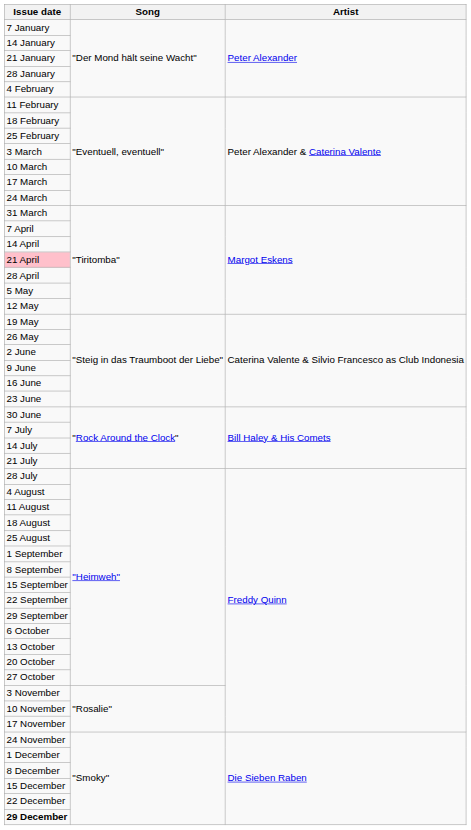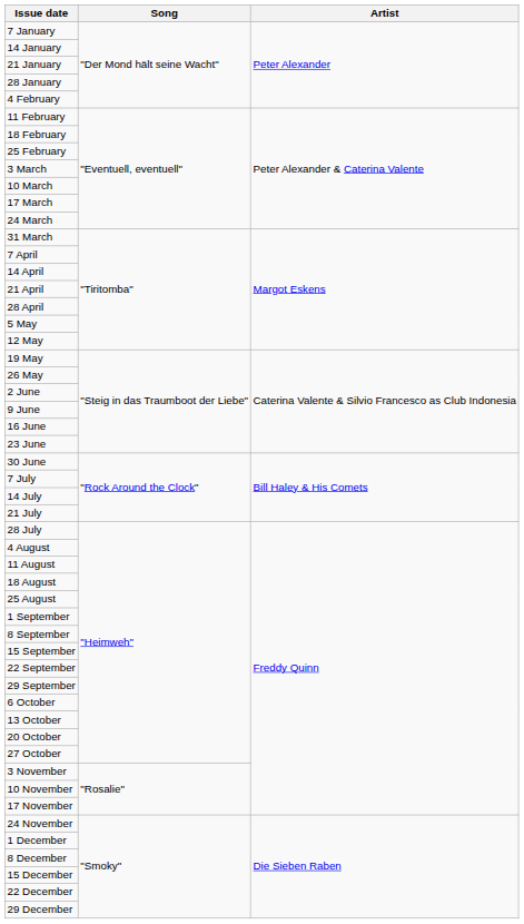 <table class="sortable wikitable">
 <tr>
 <th>Issue date</th>
 <th>Song</th>
 <th>Artist</th>
 </tr>
 <tr>
 <td>7 January</td>
 <td rowspan="5">"Der Mond hält seine Wacht"</td>
 <td rowspan="5"><a href='#'>Peter Alexander</a></td>
 </tr>
 <tr>
 <td>14 January</td>
 </tr>
 <tr>
 <td>21 January</td>
 </tr>
 <tr>
 <td>28 January</td>
 </tr>
 <tr>
 <td>4 February</td>
 </tr>
 <tr>
 <td>11 February</td>
 <td rowspan="7">"Eventuell, eventuell"</td>
 <td rowspan="7">Peter Alexander & <a href='#'>Caterina Valente</a></td>
 </tr>
 <tr>
 <td>18 February</td>
 </tr>
 <tr>
 <td>25 February</td>
 </tr>
 <tr>
 <td>3 March</td>
 </tr>
 <tr>
 <td>10 March</td>
 </tr>
 <tr>
 <td>17 March</td>
 </tr>
 <tr>
 <td>24 March</td>
 </tr>
 <tr>
 <td>31 March</td>
 <td rowspan="7">"Tiritomba"</td>
 <td rowspan="7"><a href='#'>Margot Eskens</a></td>
 </tr>
 <tr>
 <td>7 April</td>
 </tr>
 <tr>
 <td>14 April</td>
 </tr>
 <tr>
-<td style="background: pink;">21 April</td>
+<td>21 April</td>
 </tr>
 <tr>
 <td>28 April</td>
 </tr>
 <tr>
 <td>5 May</td>
 </tr>
 <tr>
 <td>12 May</td>
 </tr>
 <tr>
 <td>19 May</td>
 <td rowspan="6">"Steig in das Traumboot der Liebe"</td>
 <td rowspan="6">Caterina Valente & Silvio Francesco as Club Indonesia</td>
 </tr>
 <tr>
 <td>26 May</td>
 </tr>
 <tr>
 <td>2 June</td>
 </tr>
 <tr>
 <td>9 June</td>
 </tr>
 <tr>
 <td>16 June</td>
 </tr>
 <tr>
 <td>23 June</td>
 </tr>
 <tr>
 <td>30 June</td>
 <td rowspan="4">"<a href='#'>Rock Around the Clock</a>"</td>
 <td rowspan="4"><a href='#'>Bill Haley & His Comets</a></td>
 </tr>
 <tr>
 <td>7 July</td>
 </tr>
 <tr>
 <td>14 July</td>
 </tr>
 <tr>
 <td>21 July</td>
 </tr>
 <tr>
 <td>28 July</td>
 <td rowspan="14"><a href='#'>"Heimweh"</a></td>
 <td rowspan="17"><a href='#'>Freddy Quinn</a></td>
 </tr>
 <tr>
 <td>4 August</td>
 </tr>
 <tr>
 <td>11 August</td>
 </tr>
 <tr>
 <td>18 August</td>
 </tr>
 <tr>
 <td>25 August</td>
 </tr>
 <tr>
 <td>1 September</td>
 </tr>
 <tr>
 <td>8 September</td>
 </tr>
 <tr>
 <td>15 September</td>
 </tr>
 <tr>
 <td>22 September</td>
 </tr>
 <tr>
 <td>29 September</td>
 </tr>
 <tr>
 <td>6 October</td>
 </tr>
 <tr>
 <td>13 October</td>
 </tr>
 <tr>
 <td>20 October</td>
 </tr>
 <tr>
 <td>27 October</td>
 </tr>
 <tr>
 <td>3 November</td>
 <td rowspan="3">"Rosalie"</td>
 </tr>
 <tr>
 <td>10 November</td>
 </tr>
 <tr>
 <td>17 November</td>
 </tr>
 <tr>
 <td>24 November</td>
 <td rowspan="6">"Smoky"</td>
 <td rowspan="6"><a href='#'>Die Sieben Raben</a></td>
 </tr>
 <tr>
 <td>1 December</td>
 </tr>
 <tr>
 <td>8 December</td>
 </tr>
 <tr>
 <td>15 December</td>
 </tr>
 <tr>
 <td>22 December</td>
 </tr>
 <tr>
-<td><strong>29 December</strong></td>
+<td>29 December</td>
 </tr>
 </table>
